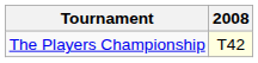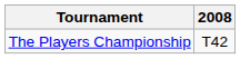 <table class="wikitable" style="font-size:95%;text-align:center;">
 <tr>
 <th>Tournament</th>
 <th>2008</th>
 </tr>
 <tr>
 <td align=left><a href='#'>The Players Championship</a></td>
-<td style="background: lightyellow;">T42</td>
+<td>T42</td>
 </tr>
 </table>
